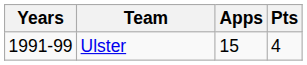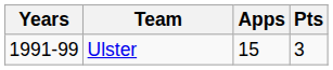 <table class="wikitable" style="text-align:left;">
 <tr>
 <th>Years</th>
 <th width=120px>Team</th>
 <th>Apps</th>
 <th>Pts</th>
 </tr>
 <tr>
 <td>1991-99</td>
 <td><a href='#'>Ulster</a></td>
 <td>15</td>
-<td>4</td>
+<td>3</td>
 </tr>
 </table>
